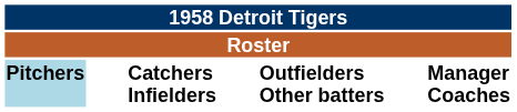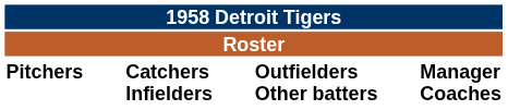 <table class="toccolours" style="font-size: 95%;">
 <tr>
 <th colspan="10" style="background-color: #003366; color: white; text-align: center;">1958 Detroit Tigers</th>
 </tr>
 <tr>
 <td colspan="10" style="background-color: #bd5d29; color: white; text-align: center;"><strong>Roster</strong></td>
 </tr>
 <tr>
-<td valign="top" style="background: lightblue;"><strong>Pitchers</strong><br>                 </td>
+<td valign="top"><strong>Pitchers</strong><br>                 </td>
 <td width="25px"></td>
 <td valign="top"><strong>Catchers</strong><br>     <strong>Infielders</strong>         </td>
 <td width="25px"></td>
 <td valign="top"><strong>Outfielders</strong><br>           <strong>Other batters</strong> </td>
 <td width="25px"></td>
 <td valign="top"><strong>Manager</strong><br>  <strong>Coaches</strong>    </td>
 </tr>
 <tr>
 </tr>
 </table>
